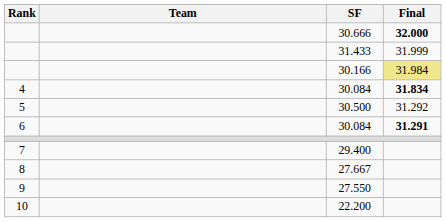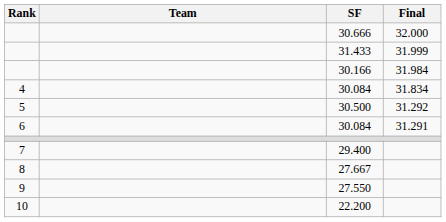 <table class=wikitable style="text-align:center">
 <tr>
 <th width=40>Rank</th>
 <th width=380>Team</th>
 <th width=70>SF</th>
 <th width=70>Final</th>
 </tr>
 <tr>
 <td></td>
 <td align=left></td>
 <td>30.666</td>
-<td><strong>32.000</strong></td>
+<td>32.000</td>
 </tr>
 <tr>
 <td></td>
 <td align=left></td>
 <td>31.433</td>
 <td>31.999</td>
 </tr>
 <tr>
 <td></td>
 <td align=left></td>
 <td>30.166</td>
-<td style="background: khaki;">31.984</td>
+<td>31.984</td>
 </tr>
 <tr>
 <td>4</td>
 <td align=left></td>
 <td>30.084</td>
-<td><strong>31.834</strong></td>
+<td>31.834</td>
 </tr>
 <tr>
 <td>5</td>
 <td align=left></td>
 <td>30.500</td>
 <td>31.292</td>
 </tr>
 <tr>
 <td>6</td>
 <td align=left></td>
 <td>30.084</td>
-<td><strong>31.291</strong></td>
+<td>31.291</td>
 </tr>
 <tr bgcolor=#DDDDDD>
 <td colspan=4></td>
 </tr>
 <tr>
 <td>7</td>
 <td align=left></td>
 <td>29.400</td>
 <td></td>
 </tr>
 <tr>
 <td>8</td>
 <td align=left></td>
 <td>27.667</td>
 <td></td>
 </tr>
 <tr>
 <td>9</td>
 <td align=left></td>
 <td>27.550</td>
 <td></td>
 </tr>
 <tr>
 <td>10</td>
 <td align=left></td>
 <td>22.200</td>
 <td></td>
 </tr>
 </table>
